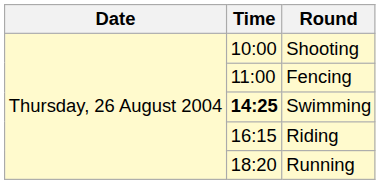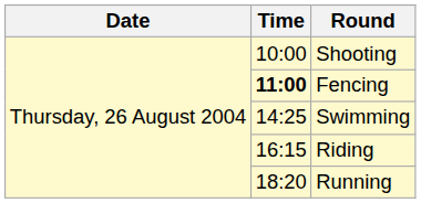 <table class="wikitable">
 <tr>
 <th>Date</th>
 <th>Time</th>
 <th>Round</th>
 </tr>
 <tr style="background:lemonchiffon">
 <td rowspan=5>Thursday, 26 August 2004</td>
 <td>10:00</td>
 <td>Shooting</td>
 </tr>
 <tr style="background:lemonchiffon">
-<td>11:00</td>
+<td><strong>11:00</strong></td>
 <td>Fencing</td>
 </tr>
 <tr style="background:lemonchiffon">
-<td><strong>14:25</strong></td>
+<td>14:25</td>
 <td>Swimming</td>
 </tr>
 <tr style="background:lemonchiffon">
 <td>16:15</td>
 <td>Riding</td>
 </tr>
 <tr style="background:lemonchiffon">
 <td>18:20</td>
 <td>Running</td>
 </tr>
 </table>
